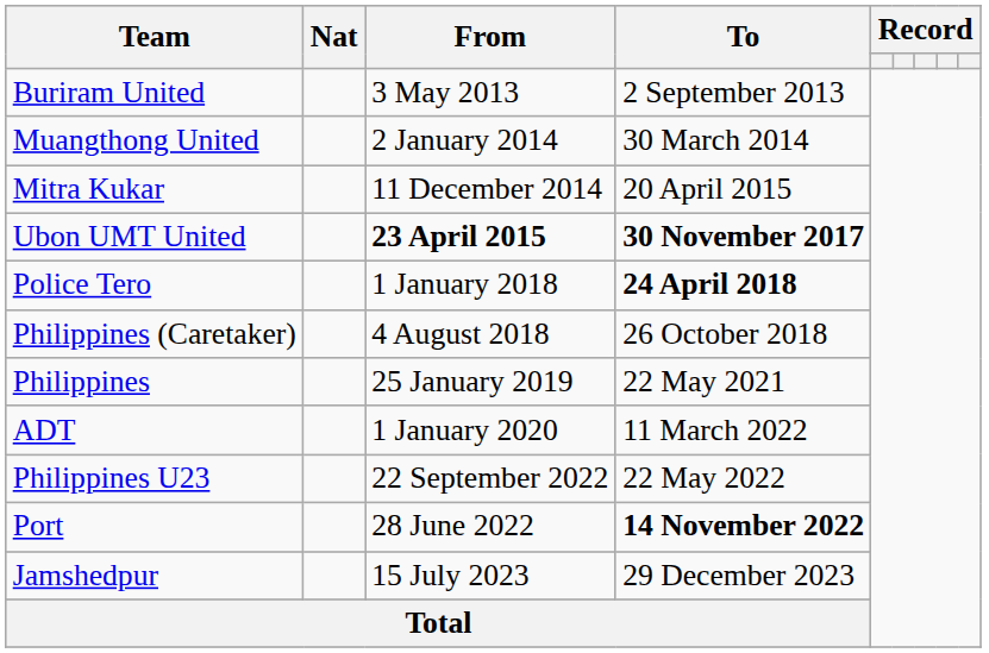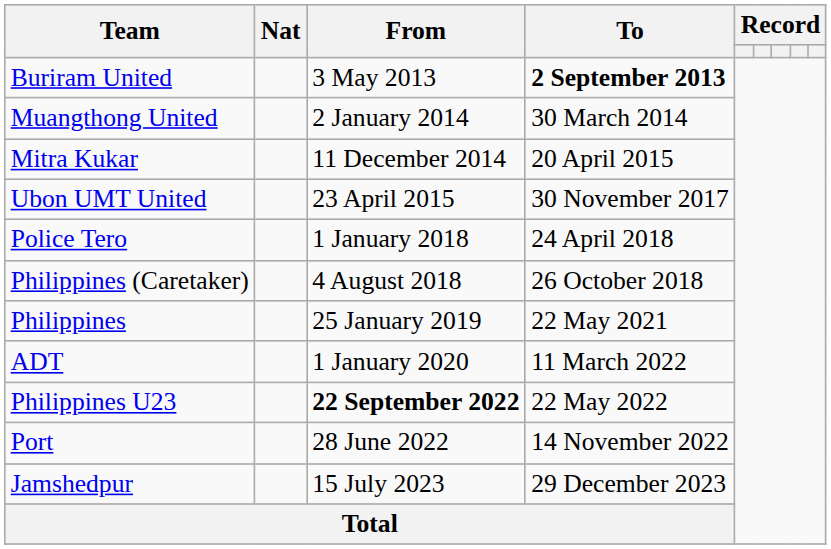 <table class=wikitable style=text-align:center>
 <tr>
 <th rowspan=2>Team</th>
 <th rowspan="2">Nat</th>
 <th rowspan="2">From</th>
 <th rowspan=2>To</th>
 <th colspan=5>Record</th>
 </tr>
 <tr>
 <th></th>
 <th></th>
 <th></th>
 <th></th>
 <th></th>
 </tr>
 <tr>
 <td align=left><a href='#'>Buriram United</a></td>
 <td></td>
 <td align="left">3 May 2013</td>
-<td align=left>2 September 2013<br></td>
+<td align=left><strong>2 September 2013<br></strong></td>
 </tr>
 <tr>
 <td align=left><a href='#'>Muangthong United</a></td>
 <td></td>
 <td align="left">2 January 2014</td>
 <td align=left>30 March 2014<br></td>
 </tr>
 <tr>
 <td align=left><a href='#'>Mitra Kukar</a></td>
 <td></td>
 <td align="left">11 December 2014</td>
 <td align=left>20 April 2015<br></td>
 </tr>
 <tr>
 <td align=left><a href='#'>Ubon UMT United</a></td>
 <td></td>
-<td align="left"><strong>23 April 2015</strong></td>
-<td align=left><strong>30 November 2017<br></strong></td>
+<td align="left">23 April 2015</td>
+<td align=left>30 November 2017<br></td>
 </tr>
 <tr>
 <td align=left><a href='#'>Police Tero</a></td>
 <td></td>
 <td align="left">1 January 2018</td>
-<td align=left><strong>24 April 2018<br></strong></td>
+<td align=left>24 April 2018<br></td>
 </tr>
 <tr>
 <td align=left><a href='#'>Philippines</a> (Caretaker)</td>
 <td></td>
 <td align="left">4 August 2018</td>
 <td align=left>26 October 2018<br></td>
 </tr>
 <tr>
 <td align=left><a href='#'>Philippines</a></td>
 <td></td>
 <td align="left">25 January 2019</td>
 <td align=left>22 May 2021<br></td>
 </tr>
 <tr>
 <td align=left><a href='#'>ADT</a></td>
 <td></td>
 <td align="left">1 January 2020</td>
 <td align=left>11 March 2022<br></td>
 </tr>
 <tr>
 <td align=left><a href='#'>Philippines U23</a></td>
 <td></td>
-<td align="left">22 September 2022</td>
+<td align="left"><strong>22 September 2022</strong></td>
 <td align=left>22 May 2022<br></td>
 </tr>
 <tr>
 <td align=left><a href='#'>Port</a></td>
 <td></td>
 <td align="left">28 June 2022</td>
-<td align=left><strong>14 November 2022<br></strong></td>
+<td align=left>14 November 2022<br></td>
 </tr>
 <tr>
 <td align=left><a href='#'>Jamshedpur</a></td>
 <td></td>
 <td align="left">15 July 2023</td>
 <td align=left>29 December 2023<br></td>
 </tr>
 <tr>
 <th colspan="4">Total<br></th>
 </tr>
 </table>
